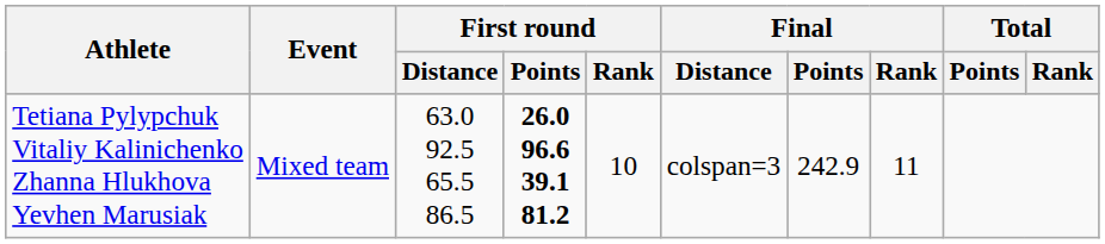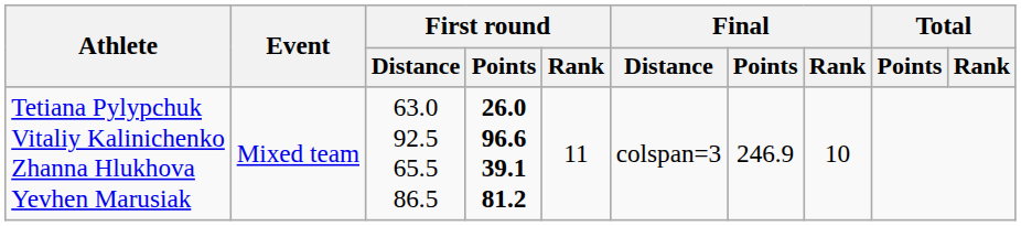 <table class="wikitable" style="font-size:90%">
 <tr>
 <th rowspan=2>Athlete</th>
 <th rowspan=2>Event</th>
 <th colspan=3>First round</th>
 <th colspan=3>Final</th>
 <th colspan=2>Total</th>
 </tr>
 <tr style="font-size:95%">
 <th>Distance</th>
 <th>Points</th>
 <th>Rank</th>
 <th>Distance</th>
 <th>Points</th>
 <th>Rank</th>
 <th>Points</th>
 <th>Rank</th>
 </tr>
 <tr align=center>
 <td align=left><a href='#'>Tetiana Pylypchuk</a><br><a href='#'>Vitaliy Kalinichenko</a><br><a href='#'>Zhanna Hlukhova</a><br><a href='#'>Yevhen Marusiak</a></td>
 <td align=left><a href='#'>Mixed team</a></td>
 <td>63.0<br>92.5<br>65.5<br>86.5</td>
 <td><strong>26.0<br>96.6<br>39.1<br>81.2</strong></td>
+<td>11</td>
+<td>colspan=3 </td>
+<td>246.9</td>
 <td>10</td>
-<td>colspan=3 </td>
-<td>242.9</td>
-<td>11</td>
 </tr>
 </table>
